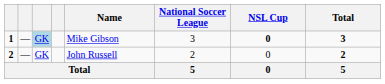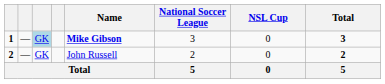 <table class="wikitable" style="text-align:center">
 <tr>
 <th width=15></th>
 <th width=15></th>
 <th width=15></th>
 <th width=15></th>
 <th width=145>Name</th>
 <th width=120><a href='#'>National Soccer League</a></th>
 <th width=120><a href='#'>NSL Cup</a></th>
 <th width=120>Total</th>
 </tr>
 <tr>
 <td><strong>1</strong></td>
 <td>—</td>
 <td style="background: lightblue;"><a href='#'>GK</a></td>
 <td></td>
-<td align=left><a href='#'>Mike Gibson</a></td>
+<td align=left><strong><a href='#'>Mike Gibson</a></strong></td>
 <td>3</td>
-<td><strong>0</strong></td>
+<td>0</td>
 <td><strong>3</strong></td>
 </tr>
 <tr>
 <td><strong>2</strong></td>
 <td>—</td>
 <td><a href='#'>GK</a></td>
 <td></td>
 <td align=left><a href='#'>John Russell</a></td>
 <td>2</td>
 <td>0</td>
 <td><strong>2</strong></td>
 </tr>
 <tr>
 <th colspan="5"><strong>Total</strong></th>
 <th>5</th>
 <th>0</th>
 <th>5</th>
 </tr>
 </table>
